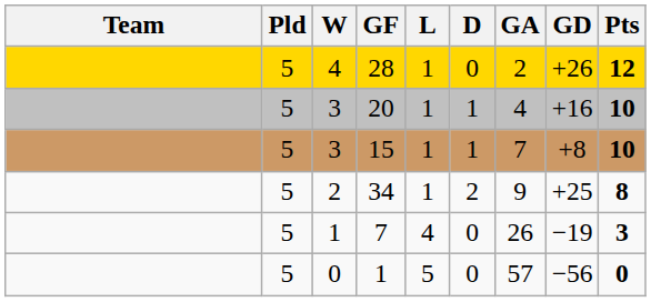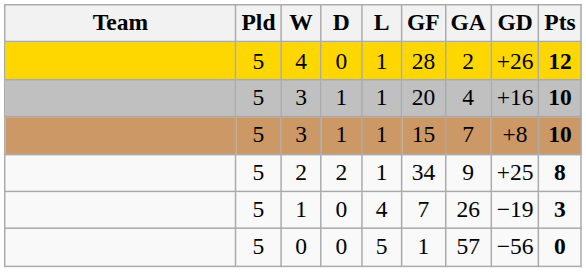 <table class="wikitable" style="text-align:center;">
 <tr>
 <th width=150>Team</th>
 <th width=20>Pld</th>
 <th width=20>W</th>
+<th width=20>D</th>
+<th width=20>L</th>
 <th width=20>GF</th>
-<th width=20>L</th>
-<th width=20>D</th>
 <th width=20>GA</th>
 <th width=20>GD</th>
 <th width=20>Pts</th>
 </tr>
 <tr bgcolor="gold">
 <td align="left"></td>
 <td>5</td>
 <td>4</td>
+<td>0</td>
+<td>1</td>
 <td>28</td>
-<td>1</td>
-<td>0</td>
 <td>2</td>
 <td>+26</td>
 <td><strong>12</strong></td>
 </tr>
 <tr bgcolor="silver">
 <td align="left"></td>
 <td>5</td>
 <td>3</td>
-<td>20</td>
 <td>1</td>
 <td>1</td>
+<td>20</td>
 <td>4</td>
 <td>+16</td>
 <td><strong>10</strong></td>
 </tr>
 <tr bgcolor="#cc9966">
 <td align="left"></td>
 <td>5</td>
 <td>3</td>
-<td>15</td>
 <td>1</td>
 <td>1</td>
+<td>15</td>
 <td>7</td>
 <td>+8</td>
 <td><strong>10</strong></td>
 </tr>
 <tr>
 <td align="left"></td>
 <td>5</td>
 <td>2</td>
+<td>2</td>
+<td>1</td>
 <td>34</td>
-<td>1</td>
-<td>2</td>
 <td>9</td>
 <td>+25</td>
 <td><strong>8</strong></td>
 </tr>
 <tr>
 <td align="left"></td>
 <td>5</td>
 <td>1</td>
+<td>0</td>
+<td>4</td>
 <td>7</td>
-<td>4</td>
-<td>0</td>
 <td>26</td>
 <td>−19</td>
 <td><strong>3</strong></td>
 </tr>
 <tr>
 <td align="left"></td>
 <td>5</td>
 <td>0</td>
+<td>0</td>
+<td>5</td>
 <td>1</td>
-<td>5</td>
-<td>0</td>
 <td>57</td>
 <td>−56</td>
 <td><strong>0</strong></td>
 </tr>
 </table>
